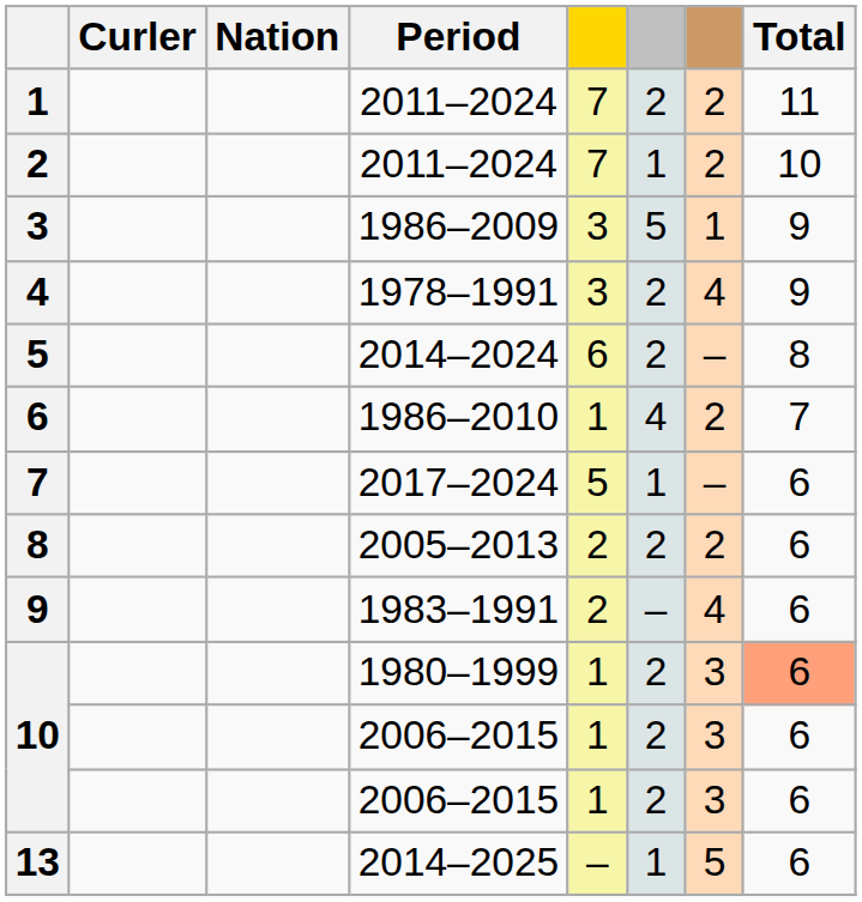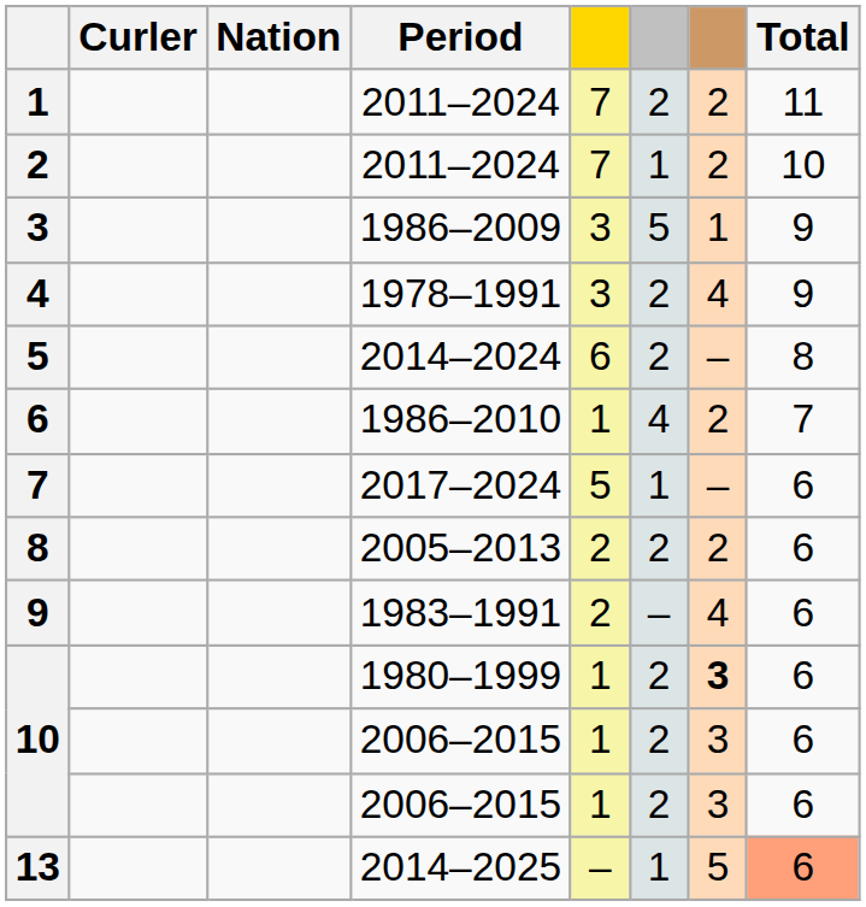 <table class="wikitable sortable" style="text-align:center">
 <tr>
 <th scope="col"></th>
 <th scope="col">Curler</th>
 <th scope="col">Nation</th>
 <th scope="col">Period</th>
 <th scope="col" style="width:1em; background-color:gold"></th>
 <th scope="col" style="width:1em;background-color:silver"></th>
 <th scope="col" style="width:1em;background-color:#CC9966"></th>
 <th scope="col">Total</th>
 </tr>
 <tr>
 <th scope="row">1</th>
 <td align="left"></td>
 <td align="left"></td>
 <td>2011–2024</td>
 <td bgcolor="#F7F6A8">7</td>
 <td bgcolor="#DCE5E5">2</td>
 <td bgcolor="#FFDAB9">2</td>
 <td>11</td>
 </tr>
 <tr>
 <th scope="row">2</th>
 <td align="left"></td>
 <td align="left"></td>
 <td>2011–2024</td>
 <td bgcolor="#F7F6A8">7</td>
 <td bgcolor="#DCE5E5">1</td>
 <td bgcolor="#FFDAB9">2</td>
 <td>10</td>
 </tr>
 <tr>
 <th scope="row">3</th>
 <td align="left"></td>
 <td align="left"></td>
 <td>1986–2009</td>
 <td bgcolor="#F7F6A8">3</td>
 <td bgcolor="#DCE5E5">5</td>
 <td bgcolor="#FFDAB9">1</td>
 <td>9</td>
 </tr>
 <tr>
 <th scope="row">4</th>
 <td align="left"></td>
 <td align="left"></td>
 <td>1978–1991</td>
 <td bgcolor="#F7F6A8">3</td>
 <td bgcolor="#DCE5E5">2</td>
 <td bgcolor="#FFDAB9">4</td>
 <td>9</td>
 </tr>
 <tr>
 <th scope="row">5</th>
 <td align="left"></td>
 <td align="left"></td>
 <td>2014–2024</td>
 <td bgcolor="#F7F6A8">6</td>
 <td bgcolor="#DCE5E5">2</td>
 <td bgcolor="#FFDAB9">–</td>
 <td>8</td>
 </tr>
 <tr>
 <th scope="row">6</th>
 <td align="left"></td>
 <td align="left"></td>
 <td>1986–2010</td>
 <td bgcolor="#F7F6A8">1</td>
 <td bgcolor="#DCE5E5">4</td>
 <td bgcolor="#FFDAB9">2</td>
 <td>7</td>
 </tr>
 <tr>
 <th scope="row">7</th>
 <td align="left"></td>
 <td align="left"></td>
 <td>2017–2024</td>
 <td bgcolor="#F7F6A8">5</td>
 <td bgcolor="#DCE5E5">1</td>
 <td bgcolor="#FFDAB9">–</td>
 <td>6</td>
 </tr>
 <tr>
 <th scope="row">8</th>
 <td align="left"></td>
 <td align="left"></td>
 <td>2005–2013</td>
 <td bgcolor="#F7F6A8">2</td>
 <td bgcolor="#DCE5E5">2</td>
 <td bgcolor="#FFDAB9">2</td>
 <td>6</td>
 </tr>
 <tr>
 <th scope="row">9</th>
 <td align="left"></td>
 <td align="left"></td>
 <td>1983–1991</td>
 <td bgcolor="#F7F6A8">2</td>
 <td bgcolor="#DCE5E5">–</td>
 <td bgcolor="#FFDAB9">4</td>
 <td>6</td>
 </tr>
 <tr>
 <th scope="row" rowspan="3">10</th>
 <td align="left"></td>
 <td align="left"></td>
 <td>1980–1999</td>
 <td bgcolor="#F7F6A8">1</td>
 <td bgcolor="#DCE5E5">2</td>
-<td bgcolor="#FFDAB9">3</td>
-<td style="background: lightsalmon;">6</td>
+<td bgcolor="#FFDAB9"><strong>3</strong></td>
+<td>6</td>
 </tr>
 <tr>
 <td align="left"></td>
 <td align="left"></td>
 <td>2006–2015</td>
 <td bgcolor="#F7F6A8">1</td>
 <td bgcolor="#DCE5E5">2</td>
 <td bgcolor="#FFDAB9">3</td>
 <td>6</td>
 </tr>
 <tr>
 <td align="left"></td>
 <td align="left"></td>
 <td>2006–2015</td>
 <td bgcolor="#F7F6A8">1</td>
 <td bgcolor="#DCE5E5">2</td>
 <td bgcolor="#FFDAB9">3</td>
 <td>6</td>
 </tr>
 <tr>
 <th scope="row">13</th>
 <td align="left"></td>
 <td align="left"></td>
 <td>2014–2025</td>
 <td bgcolor="#F7F6A8">–</td>
 <td bgcolor="#DCE5E5">1</td>
 <td bgcolor="#FFDAB9">5</td>
-<td>6</td>
+<td style="background: lightsalmon;">6</td>
 </tr>
 </table>
